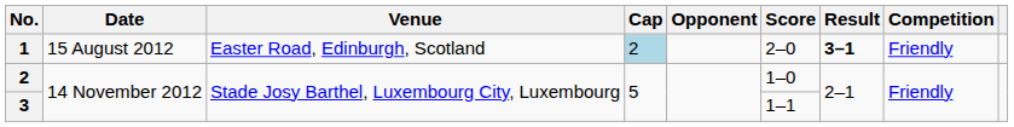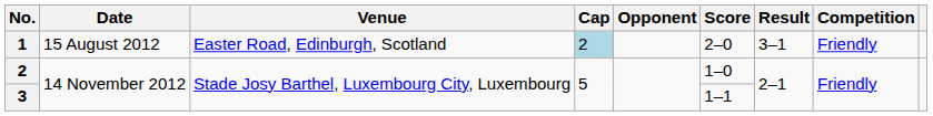 <table class="wikitable plainrowheaders sortable">
 <tr>
 <th scope=col>No.</th>
 <th scope=col>Date</th>
 <th scope=col>Venue</th>
 <th scope=col>Cap</th>
 <th scope=col>Opponent</th>
 <th scope=col>Score</th>
 <th scope=col>Result</th>
 <th scope=col>Competition</th>
 <th scope=col class=unsortable></th>
 </tr>
 <tr>
 <th scope=row>1</th>
 <td>15 August 2012</td>
 <td><a href='#'>Easter Road</a>, <a href='#'>Edinburgh</a>, Scotland</td>
 <td style="background: lightblue;">2</td>
 <td></td>
 <td>2–0</td>
-<td><strong>3–1</strong></td>
+<td>3–1</td>
 <td><a href='#'>Friendly</a></td>
 <td></td>
 </tr>
 <tr>
 <th scope=row>2</th>
 <td rowspan=2>14 November 2012</td>
 <td rowspan=2><a href='#'>Stade Josy Barthel</a>, <a href='#'>Luxembourg City</a>, Luxembourg</td>
 <td rowspan=2>5</td>
 <td rowspan=2></td>
 <td>1–0</td>
 <td rowspan=2>2–1</td>
 <td rowspan=2><a href='#'>Friendly</a></td>
 <td rowspan=2></td>
 </tr>
 <tr>
 <th scope=row>3</th>
 <td>1–1</td>
 </tr>
 </table>
